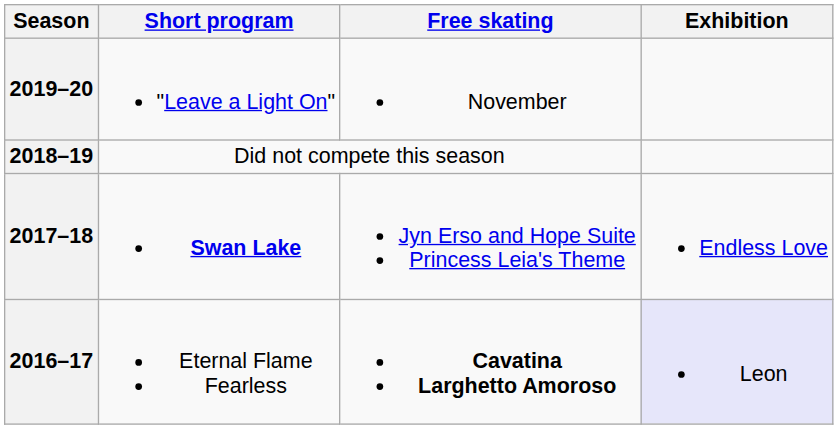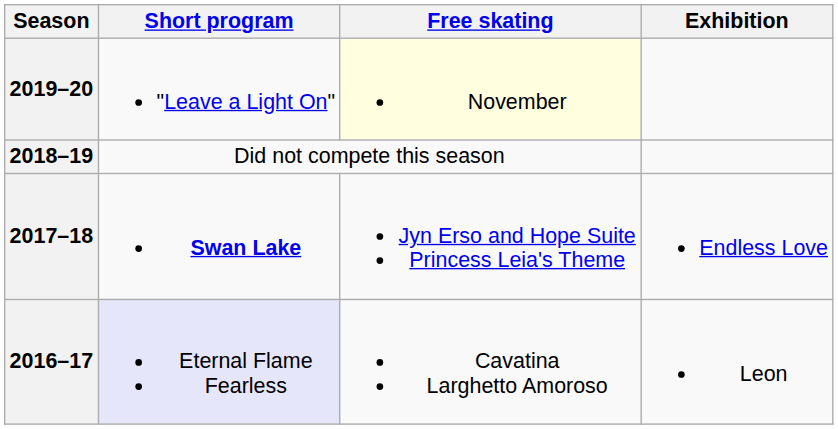 <table class="wikitable" style="text-align:center">
 <tr>
 <th>Season</th>
 <th><a href='#'>Short program</a></th>
 <th><a href='#'>Free skating</a></th>
 <th>Exhibition</th>
 </tr>
 <tr>
 <th>2019–20</th>
 <td><br><ul><li>"<a href='#'>Leave a Light On</a>" <br> </li></ul></td>
-<td><br><ul><li>November <br> </li></ul></td>
+<td style="background: lightyellow;"><br><ul><li>November <br> </li></ul></td>
 <td></td>
 </tr>
 <tr>
 <th>2018–19</th>
 <td colspan=2>Did not compete this season</td>
 <td></td>
 </tr>
 <tr>
 <th>2017–18 <br></th>
 <td><strong><br><ul><li><a href='#'>Swan Lake</a> <br> </li></ul></strong></td>
 <td><br><ul><li><a href='#'>Jyn Erso and Hope Suite</a> <br> </li><li><a href='#'>Princess Leia's Theme</a> <br> </li></ul></td>
 <td><br><ul><li><a href='#'>Endless Love</a> <br> </li></ul></td>
 </tr>
 <tr>
 <th>2016–17 <br></th>
-<td><br><ul><li>Eternal Flame</li><li>Fearless <br> </li></ul></td>
-<td><strong><br><ul><li>Cavatina</li><li>Larghetto Amoroso <br> </li></ul></strong></td>
-<td style="background: lavender;"><br><ul><li>Leon <br> </li></ul></td>
+<td style="background: lavender;"><br><ul><li>Eternal Flame</li><li>Fearless <br> </li></ul></td>
+<td><br><ul><li>Cavatina</li><li>Larghetto Amoroso <br> </li></ul></td>
+<td><br><ul><li>Leon <br> </li></ul></td>
 </tr>
 </table>
